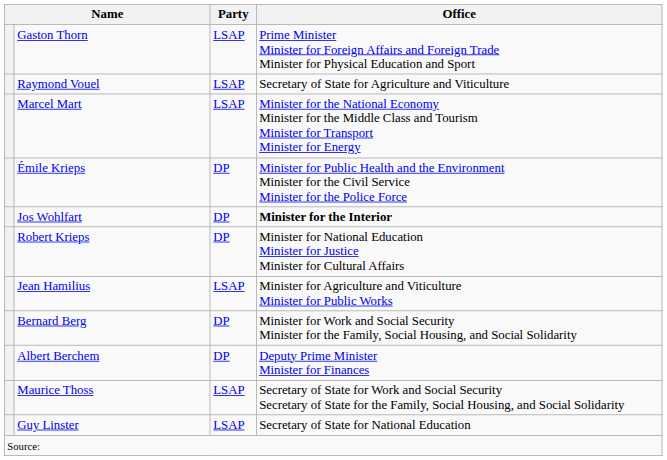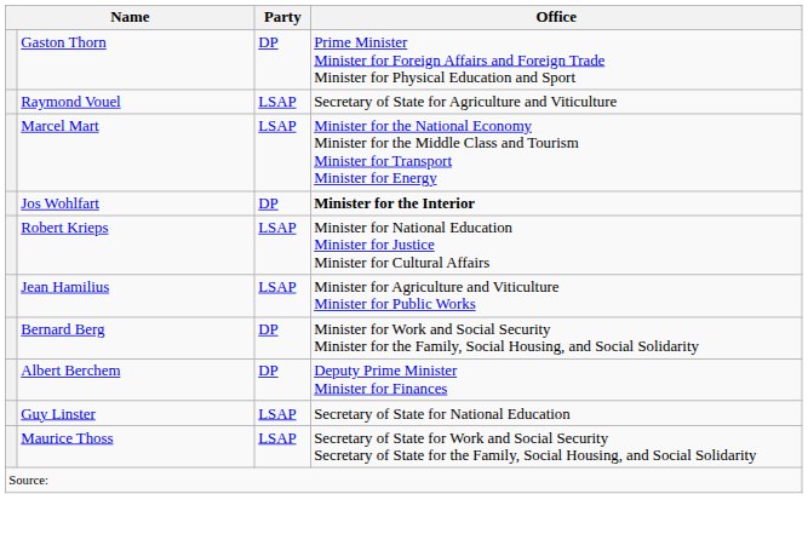 <table class="wikitable">
 <tr>
 <th colspan=2 width=250px>Name</th>
 <th width=50px>Party</th>
 <th width=500px>Office</th>
 </tr>
 <tr>
 <th width=5px style="background-color: "></th>
 <td valign=top><a href='#'>Gaston Thorn</a></td>
-<td valign=top><a href='#'>LSAP</a></td>
+<td valign=top><a href='#'>DP</a></td>
 <td><a href='#'>Prime Minister</a> <br> <a href='#'>Minister for Foreign Affairs and Foreign Trade</a> <br> Minister for Physical Education and Sport</td>
 </tr>
 <tr>
 <th style="background-color: "></th>
 <td valign=top><a href='#'>Raymond Vouel</a></td>
 <td valign=top><a href='#'>LSAP</a></td>
 <td>Secretary of State for Agriculture and Viticulture</td>
 </tr>
 <tr>
 <th style="background-color: "></th>
 <td valign=top><a href='#'>Marcel Mart</a></td>
 <td valign=top><a href='#'>LSAP</a></td>
 <td><a href='#'>Minister for the National Economy</a> <br> Minister for the Middle Class and Tourism <br> <a href='#'>Minister for Transport</a> <br> <a href='#'>Minister for Energy</a></td>
 </tr>
 <tr>
 <th style="background-color: "></th>
-<td valign=top><a href='#'>Émile Krieps</a></td>
-<td valign=top><a href='#'>DP</a></td>
-<td><a href='#'>Minister for Public Health and the Environment</a> <br> Minister for the Civil Service <br> <a href='#'>Minister for the Police Force</a></td>
-</tr>
-<tr>
-<th style="background-color: "></th>
 <td valign=top><a href='#'>Jos Wohlfart</a></td>
 <td valign=top><a href='#'>DP</a></td>
 <td><strong>Minister for the Interior</strong></td>
 </tr>
 <tr>
 <th style="background-color: "></th>
 <td valign=top><a href='#'>Robert Krieps</a></td>
-<td valign=top><a href='#'>DP</a></td>
+<td valign=top><a href='#'>LSAP</a></td>
 <td>Minister for National Education <br> <a href='#'>Minister for Justice</a> <br> Minister for Cultural Affairs</td>
 </tr>
 <tr>
 <th style="background-color: "></th>
 <td valign=top><a href='#'>Jean Hamilius</a></td>
 <td valign=top><a href='#'>LSAP</a></td>
 <td>Minister for Agriculture and Viticulture <br> <a href='#'>Minister for Public Works</a></td>
 </tr>
 <tr>
 <th style="background-color: "></th>
 <td valign=top><a href='#'>Bernard Berg</a></td>
 <td valign=top><a href='#'>DP</a></td>
 <td>Minister for Work and Social Security <br> Minister for the Family, Social Housing, and Social Solidarity</td>
 </tr>
 <tr>
 <th style="background-color: "></th>
 <td valign=top><a href='#'>Albert Berchem</a></td>
 <td valign=top><a href='#'>DP</a></td>
 <td><a href='#'>Deputy Prime Minister</a> <br> <a href='#'>Minister for Finances</a></td>
 </tr>
 <tr>
 <th style="background-color: "></th>
+<td valign=top><a href='#'>Guy Linster</a></td>
+<td valign=top><a href='#'>LSAP</a></td>
+<td>Secretary of State for National Education</td>
+</tr>
+<tr>
+<th style="background-color: "></th>
 <td valign=top><a href='#'>Maurice Thoss</a></td>
 <td valign=top><a href='#'>LSAP</a></td>
 <td>Secretary of State for Work and Social Security <br> Secretary of State for the Family, Social Housing, and Social Solidarity</td>
 </tr>
 <tr>
-<th style="background-color: "></th>
-<td valign=top><a href='#'>Guy Linster</a></td>
-<td valign=top><a href='#'>LSAP</a></td>
-<td>Secretary of State for National Education</td>
-</tr>
-<tr>
 <td colspan=4><small>Source: </small></td>
 </tr>
 </table>
